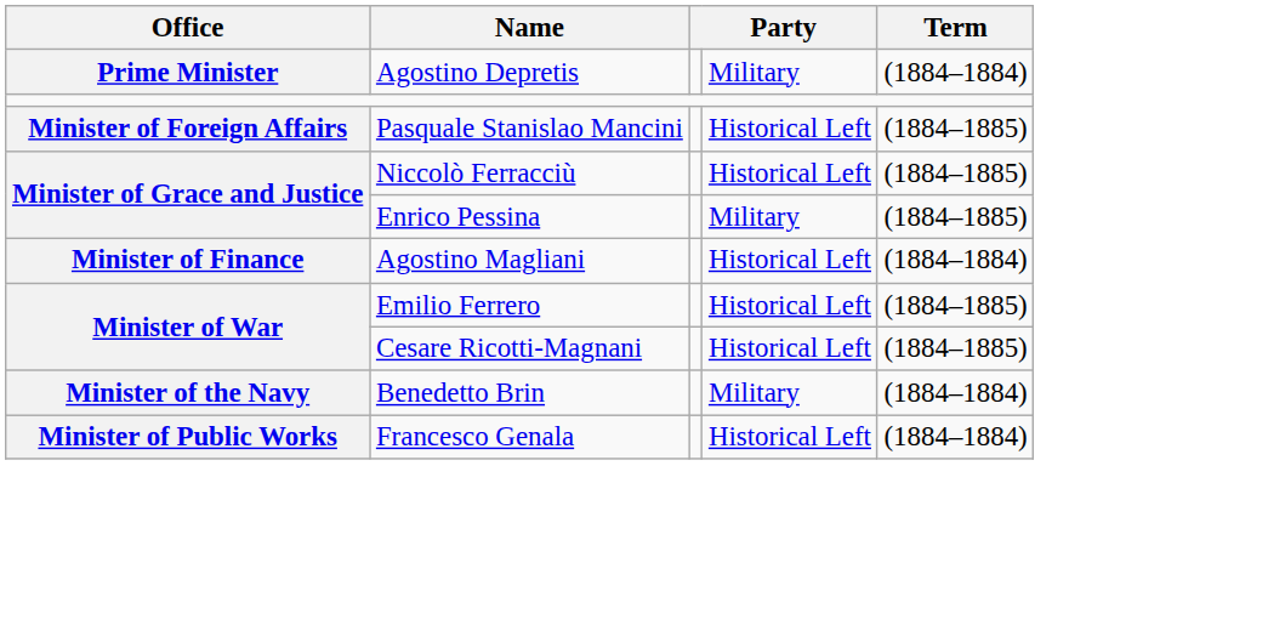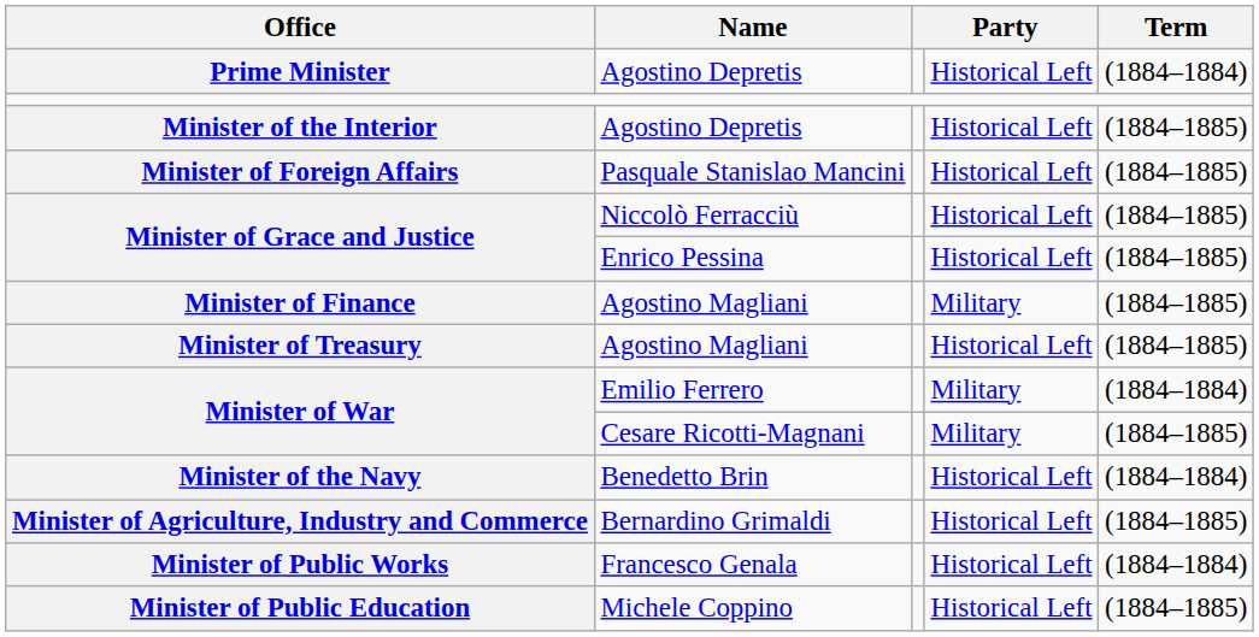 <table class="wikitable" style="font-size: 100%;">
 <tr>
 <th>Office</th>
 <th>Name</th>
 <th colspan=2>Party</th>
 <th>Term</th>
 </tr>
 <tr>
 <th><a href='#'>Prime Minister</a></th>
 <td><a href='#'>Agostino Depretis</a></td>
 <td style="color:inherit;background:"></td>
-<td><a href='#'>Military</a></td>
+<td><a href='#'>Historical Left</a></td>
 <td>(1884–1884)</td>
 </tr>
 <tr>
 <td colspan=5></td>
+</tr>
+<tr>
+<th><a href='#'>Minister of the Interior</a></th>
+<td><a href='#'>Agostino Depretis</a></td>
+<td style="color:inherit;background:"></td>
+<td><a href='#'>Historical Left</a></td>
+<td>(1884–1885)</td>
 </tr>
 <tr>
 <th><a href='#'>Minister of Foreign Affairs</a></th>
 <td><a href='#'>Pasquale Stanislao Mancini</a></td>
 <td style="color:inherit;background:"></td>
 <td><a href='#'>Historical Left</a></td>
 <td>(1884–1885)</td>
 </tr>
 <tr>
 <th rowspan=2><a href='#'>Minister of Grace and Justice</a></th>
 <td><a href='#'>Niccolò Ferracciù</a></td>
 <td style="color:inherit;background:"></td>
 <td><a href='#'>Historical Left</a></td>
 <td>(1884–1885)</td>
 </tr>
 <tr>
 <td><a href='#'>Enrico Pessina</a></td>
 <td style="color:inherit;background:"></td>
-<td><a href='#'>Military</a></td>
+<td><a href='#'>Historical Left</a></td>
 <td>(1884–1885)</td>
 </tr>
 <tr>
 <th><a href='#'>Minister of Finance</a></th>
 <td><a href='#'>Agostino Magliani</a></td>
 <td style="color:inherit;background:"></td>
+<td><a href='#'>Military</a></td>
+<td>(1884–1885)</td>
+</tr>
+<tr>
+<th><a href='#'>Minister of Treasury</a></th>
+<td><a href='#'>Agostino Magliani</a></td>
+<td style="color:inherit;background:"></td>
 <td><a href='#'>Historical Left</a></td>
-<td>(1884–1884)</td>
+<td>(1884–1885)</td>
 </tr>
 <tr>
 <th rowspan=2><a href='#'>Minister of War</a></th>
 <td><a href='#'>Emilio Ferrero</a></td>
 <td style="color:inherit;background:"></td>
-<td><a href='#'>Historical Left</a></td>
-<td>(1884–1885)</td>
+<td><a href='#'>Military</a></td>
+<td>(1884–1884)</td>
 </tr>
 <tr>
 <td><a href='#'>Cesare Ricotti-Magnani</a></td>
 <td style="color:inherit;background:"></td>
-<td><a href='#'>Historical Left</a></td>
+<td><a href='#'>Military</a></td>
 <td>(1884–1885)</td>
 </tr>
 <tr>
 <th><a href='#'>Minister of the Navy</a></th>
 <td><a href='#'>Benedetto Brin</a></td>
 <td style="color:inherit;background:"></td>
-<td><a href='#'>Military</a></td>
+<td><a href='#'>Historical Left</a></td>
 <td>(1884–1884)</td>
+</tr>
+<tr>
+<th><a href='#'>Minister of Agriculture, Industry and Commerce</a></th>
+<td><a href='#'>Bernardino Grimaldi</a></td>
+<td style="color:inherit;background:"></td>
+<td><a href='#'>Historical Left</a></td>
+<td>(1884–1885)</td>
 </tr>
 <tr>
 <th><a href='#'>Minister of Public Works</a></th>
 <td><a href='#'>Francesco Genala</a></td>
 <td style="color:inherit;background:"></td>
 <td><a href='#'>Historical Left</a></td>
 <td>(1884–1884)</td>
 </tr>
+<tr>
+<th><a href='#'>Minister of Public Education</a></th>
+<td><a href='#'>Michele Coppino</a></td>
+<td style="color:inherit;background:"></td>
+<td><a href='#'>Historical Left</a></td>
+<td>(1884–1885)</td>
+</tr>
 </table>
